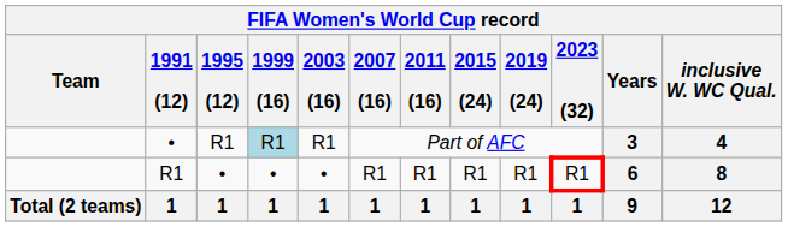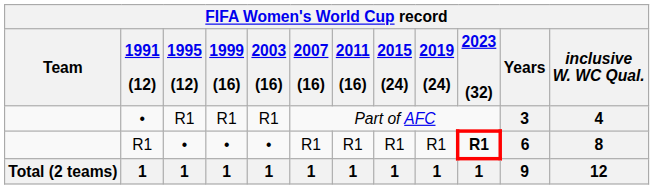 <table class="wikitable" style="text-align:center; font-size:85%;">
 <tr>
 <th colspan=12><a href='#'>FIFA Women's World Cup</a> record</th>
 </tr>
 <tr>
 <th>Team</th>
 <th><a href='#'>1991</a><br><br>(12)</th>
 <th><a href='#'>1995</a><br><br>(12)</th>
 <th><a href='#'>1999</a><br><br>(16)</th>
 <th><a href='#'>2003</a><br><br>(16)</th>
 <th><a href='#'>2007</a><br><br>(16)</th>
 <th><a href='#'>2011</a><br><br>(16)</th>
 <th><a href='#'>2015</a> <br><br>(24)</th>
 <th><a href='#'>2019</a><br><br>(24)</th>
 <th><a href='#'>2023</a><br><br><br>(32)</th>
 <th>Years</th>
 <th><em>inclusive <br>W. WC Qual.</em></th>
 </tr>
 <tr>
 <td style="text-align:left"></td>
 <td>•</td>
 <td>R1</td>
-<td style="background: lightblue;">R1</td>
+<td>R1</td>
 <td>R1</td>
 <td colspan="5"><em>Part of <a href='#'>AFC</a></em></td>
 <th>3</th>
 <th>4</th>
 </tr>
 <tr>
 <td style="text-align:left"></td>
 <td>R1</td>
 <td>•</td>
 <td>•</td>
 <td>•</td>
 <td>R1</td>
 <td>R1</td>
 <td>R1</td>
 <td>R1</td>
-<td style="border: 3px solid red">R1</td>
+<td style="border: 3px solid red"><strong>R1</strong></td>
 <th>6</th>
 <th>8</th>
 </tr>
 <tr>
 <th style="text-align:left">Total (2 teams)</th>
 <th>1</th>
 <th>1</th>
 <th>1</th>
 <th>1</th>
 <th>1</th>
 <th>1</th>
 <th>1</th>
 <th>1</th>
 <th>1</th>
 <th>9</th>
 <th>12</th>
 </tr>
 </table>
